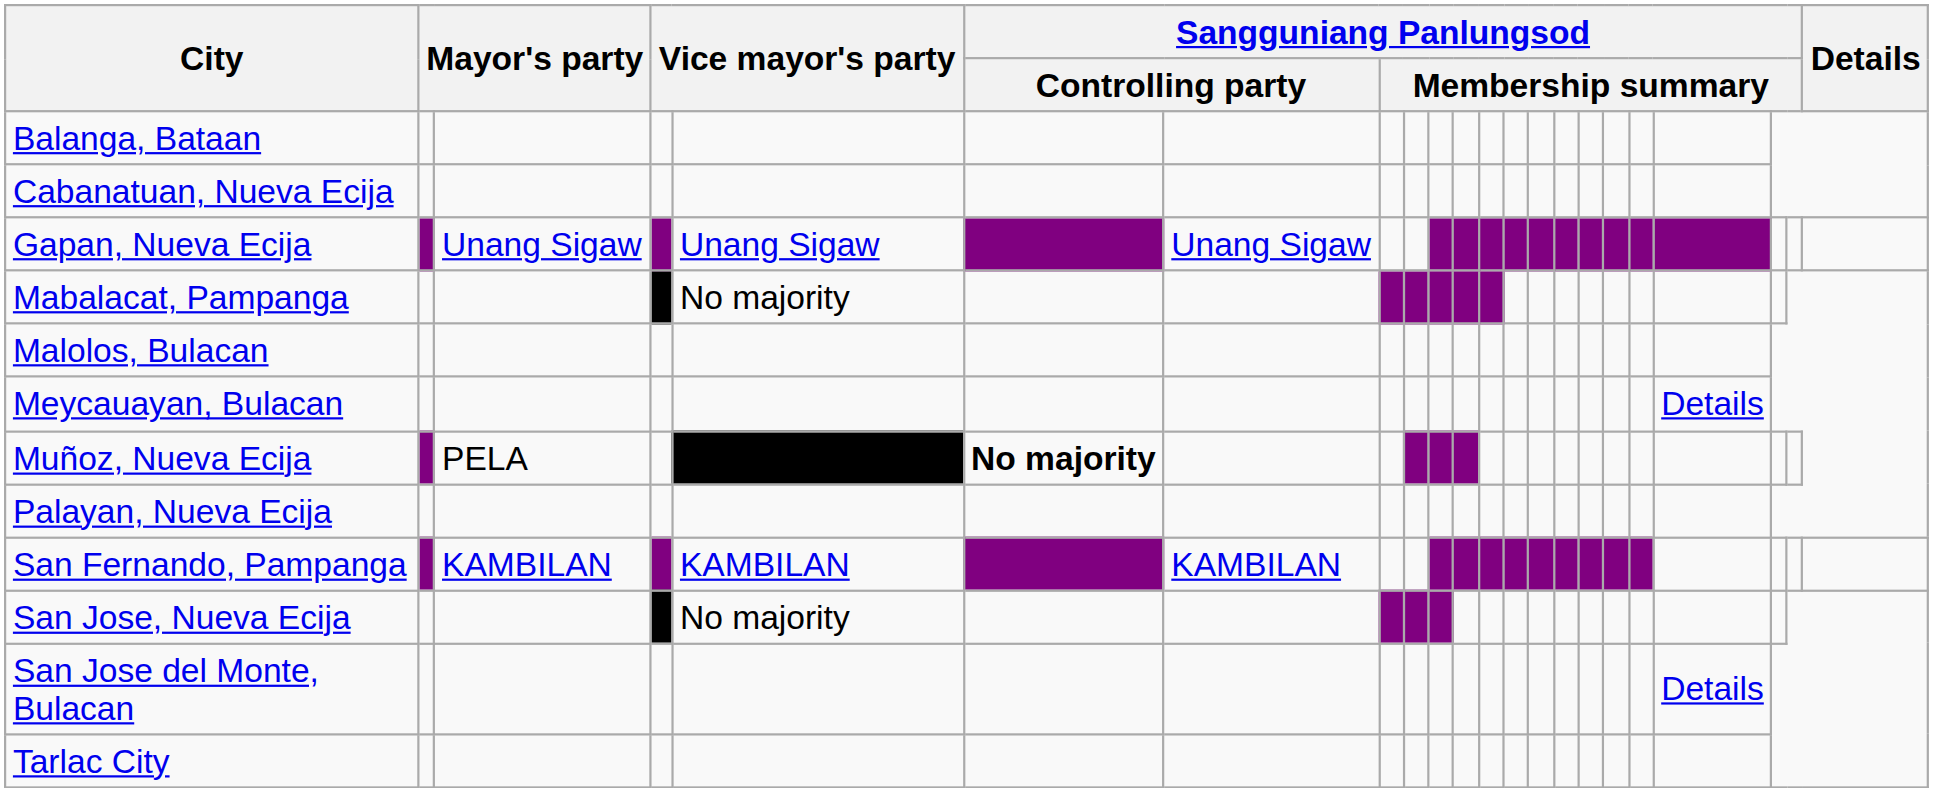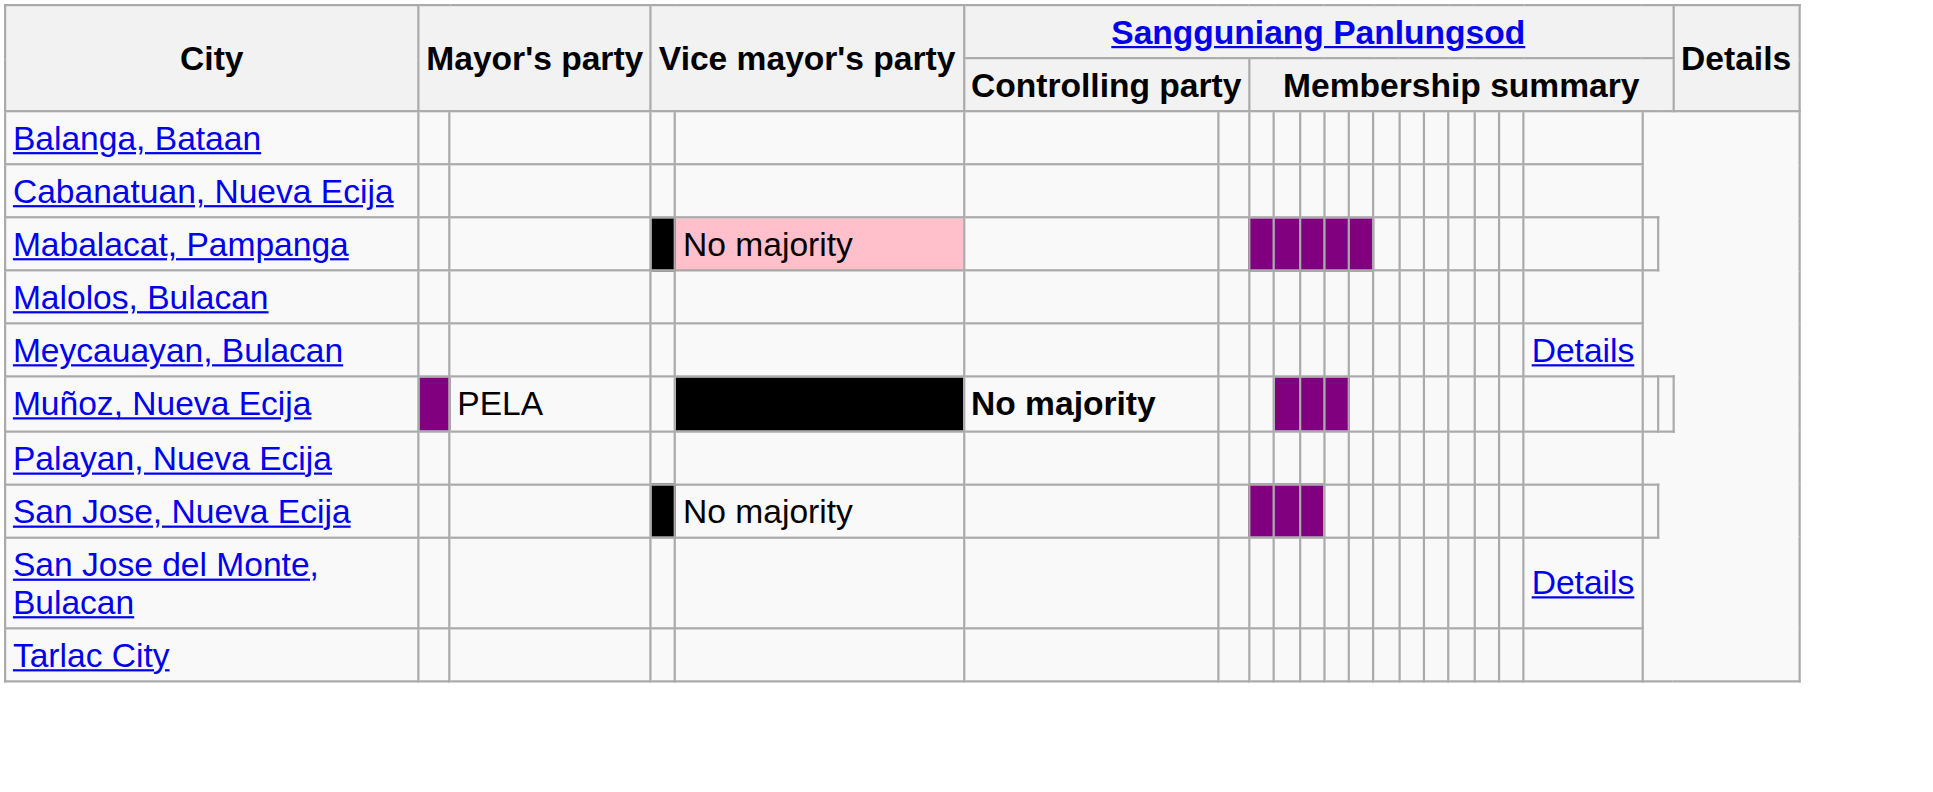 <table class="wikitable" style="font-size:95%;">
 <tr>
 <th width="180px" rowspan="2">City</th>
 <th colspan="2" rowspan="2">Mayor's party</th>
 <th colspan="2" rowspan="2">Vice mayor's party</th>
 <th colspan="16"><a href='#'>Sangguniang Panlungsod</a></th>
 <th rowspan="2">Details</th>
 </tr>
 <tr>
 <th colspan="2">Controlling party</th>
 <th colspan="14">Membership summary</th>
 </tr>
 <tr>
 <td><a href='#'>Balanga, Bataan</a></td>
 <td></td>
 <td></td>
 <td></td>
 <td> </td>
 <td> </td>
 <td> </td>
 <td> </td>
 <td> </td>
 <td> </td>
 <td> </td>
 <td> </td>
 <td> </td>
 <td> </td>
 <td> </td>
 <td> </td>
 <td> </td>
 <td> </td>
 <td></td>
 </tr>
 <tr>
 <td><a href='#'>Cabanatuan, Nueva Ecija</a></td>
 <td></td>
 <td></td>
 <td></td>
 <td style="color:inherit;background:"></td>
 <td style="color:inherit;background:"></td>
 <td style="color:inherit;background:"></td>
 <td style="color:inherit;background:"></td>
 <td style="color:inherit;background:"></td>
 <td style="color:inherit;background:"></td>
 <td style="color:inherit;background:"></td>
 <td style="color:inherit;background:"></td>
 <td style="color:inherit;background:"></td>
 <td style="color:inherit;background:"></td>
 <td style="color:inherit;background:"></td>
 <td style="color:inherit;background:"></td>
 <td></td>
 <td></td>
 <td></td>
 </tr>
 <tr>
-<td><a href='#'>Gapan, Nueva Ecija</a></td>
-<td bgcolor="purple"></td>
-<td><a href='#'>Unang Sigaw</a></td>
-<td bgcolor="purple"></td>
-<td><a href='#'>Unang Sigaw</a></td>
-<td bgcolor="purple"></td>
-<td><a href='#'>Unang Sigaw</a></td>
-<td style="color:inherit;background:"></td>
-<td style="color:inherit;background:"></td>
-<td bgcolor="purple"></td>
-<td bgcolor="purple"></td>
-<td bgcolor="purple"></td>
-<td bgcolor="purple"></td>
-<td bgcolor="purple"></td>
-<td bgcolor="purple"></td>
-<td bgcolor="purple"></td>
-<td bgcolor="purple"></td>
-<td bgcolor="purple"></td>
-<td bgcolor="purple"></td>
-<td></td>
-<td></td>
-<td></td>
-</tr>
-<tr>
 <td><a href='#'>Mabalacat, Pampanga</a></td>
 <td></td>
 <td></td>
 <td bgcolor="black"></td>
-<td>No majority</td>
+<td style="background: pink;">No majority</td>
 <td style="color:inherit;background:"></td>
 <td style="color:inherit;background:"></td>
 <td bgcolor="purple"></td>
 <td bgcolor="purple"></td>
 <td bgcolor="purple"></td>
 <td bgcolor="purple"></td>
 <td bgcolor="purple"></td>
 <td style="color:inherit;background:"></td>
 <td style="color:inherit;background:"></td>
 <td style="color:inherit;background:"></td>
 <td style="color:inherit;background:"></td>
 <td style="color:inherit;background:"></td>
 <td></td>
 <td></td>
 <td></td>
 </tr>
 <tr>
 <td><a href='#'>Malolos, Bulacan</a></td>
 <td></td>
 <td></td>
 <td></td>
 <td style="color:inherit;background:"></td>
 <td style="color:inherit;background:"></td>
 <td style="color:inherit;background:"></td>
 <td style="color:inherit;background:"></td>
 <td style="color:inherit;background:"></td>
 <td style="color:inherit;background:"></td>
 <td style="color:inherit;background:"></td>
 <td style="color:inherit;background:"></td>
 <td style="color:inherit;background:"></td>
 <td style="color:inherit;background:"></td>
 <td style="color:inherit;background:"></td>
 <td style="color:inherit;background:"></td>
 <td></td>
 <td></td>
 <td></td>
 </tr>
 <tr>
 <td><a href='#'>Meycauayan, Bulacan</a></td>
 <td></td>
 <td></td>
 <td></td>
 <td style="color:inherit;background:"></td>
 <td style="color:inherit;background:"></td>
 <td style="color:inherit;background:"></td>
 <td style="color:inherit;background:"></td>
 <td style="color:inherit;background:"></td>
 <td style="color:inherit;background:"></td>
 <td style="color:inherit;background:"></td>
 <td style="color:inherit;background:"></td>
 <td style="color:inherit;background:"></td>
 <td style="color:inherit;background:"></td>
 <td style="color:inherit;background:"></td>
 <td style="color:inherit;background:"></td>
 <td></td>
 <td></td>
 <td><a href='#'>Details</a></td>
 </tr>
 <tr>
 <td><a href='#'>Muñoz, Nueva Ecija</a></td>
 <td bgcolor="purple"></td>
 <td>PELA</td>
 <td></td>
 <td bgcolor="black"></td>
 <td><strong>No majority</strong></td>
 <td style="color:inherit;background:"></td>
 <td style="color:inherit;background:"></td>
 <td bgcolor="purple"></td>
 <td bgcolor="purple"></td>
 <td bgcolor="purple"></td>
 <td style="color:inherit;background:"></td>
 <td style="color:inherit;background:"></td>
 <td style="color:inherit;background:"></td>
 <td style="color:inherit;background:"></td>
 <td style="color:inherit;background:"></td>
 <td style="color:inherit;background:"></td>
 <td style="color:inherit;background:"></td>
 <td></td>
 <td></td>
 <td></td>
 </tr>
 <tr>
 <td><a href='#'>Palayan, Nueva Ecija</a></td>
 <td></td>
 <td></td>
 <td></td>
 <td style="color:inherit;background:"></td>
 <td style="color:inherit;background:"></td>
 <td style="color:inherit;background:"></td>
 <td style="color:inherit;background:"></td>
 <td style="color:inherit;background:"></td>
 <td style="color:inherit;background:"></td>
 <td style="color:inherit;background:"></td>
 <td style="color:inherit;background:"></td>
 <td style="color:inherit;background:"></td>
 <td style="color:inherit;background:"></td>
 <td style="color:inherit;background:"></td>
 <td style="color:inherit;background:"></td>
 <td></td>
 <td></td>
 <td></td>
 </tr>
 <tr>
-<td><a href='#'>San Fernando, Pampanga</a></td>
-<td bgcolor="purple"></td>
-<td><a href='#'>KAMBILAN</a></td>
-<td bgcolor="purple"></td>
-<td><a href='#'>KAMBILAN</a></td>
-<td bgcolor="purple"></td>
-<td><a href='#'>KAMBILAN</a></td>
-<td style="color:inherit;background:"></td>
-<td style="color:inherit;background:"></td>
-<td bgcolor="purple"></td>
-<td bgcolor="purple"></td>
-<td bgcolor="purple"></td>
-<td bgcolor="purple"></td>
-<td bgcolor="purple"></td>
-<td bgcolor="purple"></td>
-<td bgcolor="purple"></td>
-<td bgcolor="purple"></td>
-<td bgcolor="purple"></td>
-<td style="color:inherit;background:"></td>
-<td></td>
-<td></td>
-<td></td>
-</tr>
-<tr>
 <td><a href='#'>San Jose, Nueva Ecija</a></td>
 <td></td>
 <td></td>
 <td bgcolor="black"></td>
 <td>No majority</td>
 <td style="color:inherit;background:"></td>
 <td style="color:inherit;background:"></td>
 <td bgcolor="purple"></td>
 <td bgcolor="purple"></td>
 <td bgcolor="purple"></td>
 <td style="color:inherit;background:"></td>
 <td style="color:inherit;background:"></td>
 <td style="color:inherit;background:"></td>
 <td style="color:inherit;background:"></td>
 <td style="color:inherit;background:"></td>
 <td style="color:inherit;background:"></td>
 <td style="color:inherit;background:"></td>
 <td></td>
 <td></td>
 <td></td>
 </tr>
 <tr>
 <td><a href='#'>San Jose del Monte, Bulacan</a></td>
 <td></td>
 <td></td>
 <td></td>
 <td style="color:inherit;background:"></td>
 <td style="color:inherit;background:"></td>
 <td style="color:inherit;background:"></td>
 <td style="color:inherit;background:"></td>
 <td style="color:inherit;background:"></td>
 <td style="color:inherit;background:"></td>
 <td style="color:inherit;background:"></td>
 <td style="color:inherit;background:"></td>
 <td style="color:inherit;background:"></td>
 <td style="color:inherit;background:"></td>
 <td style="color:inherit;background:"></td>
 <td style="color:inherit;background:"></td>
 <td style="color:inherit;background:"></td>
 <td style="color:inherit;background:"></td>
 <td><a href='#'>Details</a></td>
 </tr>
 <tr>
 <td><a href='#'>Tarlac City</a></td>
 <td></td>
 <td></td>
 <td></td>
 <td style="color:inherit;background:"></td>
 <td style="color:inherit;background:"></td>
 <td style="color:inherit;background:"></td>
 <td style="color:inherit;background:"></td>
 <td style="color:inherit;background:"></td>
 <td style="color:inherit;background:"></td>
 <td style="color:inherit;background:"></td>
 <td style="color:inherit;background:"></td>
 <td style="color:inherit;background:"></td>
 <td style="color:inherit;background:"></td>
 <td style="color:inherit;background:"></td>
 <td style="color:inherit;background:"></td>
 <td></td>
 <td></td>
 <td></td>
 </tr>
 </table>
